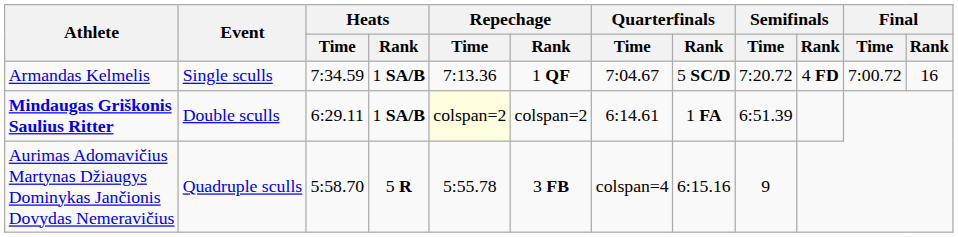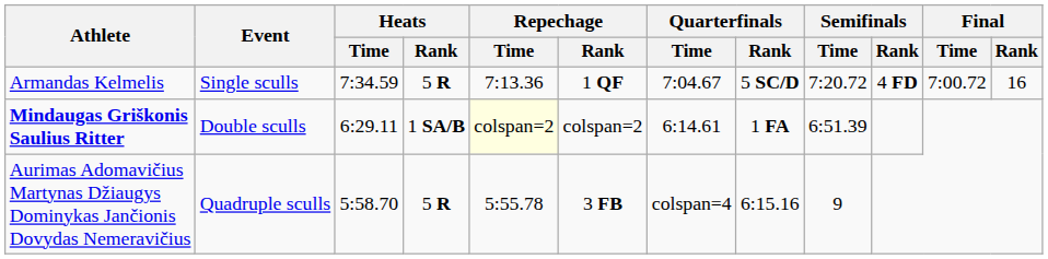 <table class="wikitable" style="font-size:90%">
 <tr>
 <th rowspan="2">Athlete</th>
 <th rowspan="2">Event</th>
 <th colspan="2">Heats</th>
 <th colspan="2">Repechage</th>
 <th colspan="2">Quarterfinals</th>
 <th colspan="2">Semifinals</th>
 <th colspan="2">Final</th>
 </tr>
 <tr style="font-size:95%">
 <th>Time</th>
 <th>Rank</th>
 <th>Time</th>
 <th>Rank</th>
 <th>Time</th>
 <th>Rank</th>
 <th>Time</th>
 <th>Rank</th>
 <th>Time</th>
 <th>Rank</th>
 </tr>
 <tr align=center>
 <td align=left><a href='#'>Armandas Kelmelis</a></td>
 <td align=left><a href='#'>Single sculls</a></td>
 <td>7:34.59</td>
-<td>1 <strong>SA/B</strong></td>
+<td>5 <strong>R</strong></td>
 <td>7:13.36</td>
 <td>1 <strong>QF</strong></td>
 <td>7:04.67</td>
 <td>5 <strong>SC/D</strong></td>
 <td>7:20.72</td>
 <td>4 <strong>FD</strong></td>
 <td>7:00.72</td>
 <td>16</td>
 </tr>
 <tr align=center>
 <td align=left><strong><a href='#'>Mindaugas Griškonis</a><br><a href='#'>Saulius Ritter</a></strong></td>
 <td align=left><a href='#'>Double sculls</a></td>
 <td>6:29.11</td>
 <td>1 <strong>SA/B</strong></td>
 <td style="background: lightyellow;">colspan=2 </td>
 <td>colspan=2 </td>
 <td>6:14.61</td>
 <td>1 <strong>FA</strong></td>
 <td>6:51.39</td>
 <td></td>
 </tr>
 <tr align=center>
 <td align=left><a href='#'>Aurimas Adomavičius</a><br><a href='#'>Martynas Džiaugys</a><br><a href='#'>Dominykas Jančionis</a><br><a href='#'>Dovydas Nemeravičius</a></td>
 <td align=left><a href='#'>Quadruple sculls</a></td>
 <td>5:58.70</td>
 <td>5 <strong>R</strong></td>
 <td>5:55.78</td>
 <td>3 <strong>FB</strong></td>
 <td>colspan=4 </td>
 <td>6:15.16</td>
 <td>9</td>
 </tr>
 </table>
